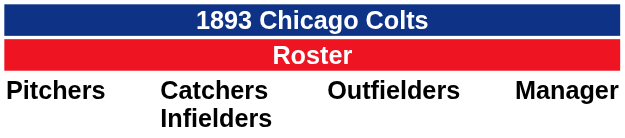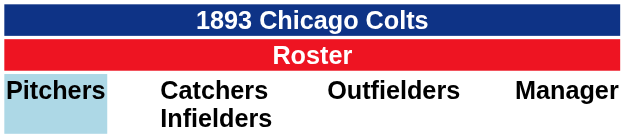 <table class="toccolours" style="font-size: 95%;">
 <tr>
 <th colspan="10" style="background-color: #0e3386; color: white; text-align: center;">1893 Chicago Colts</th>
 </tr>
 <tr>
 <td colspan="10" style="background-color: #EE1422; color: white; text-align: center;"><strong>Roster</strong></td>
 </tr>
 <tr>
-<td valign="top"><strong>Pitchers</strong><br>             </td>
+<td valign="top" style="background: lightblue;"><strong>Pitchers</strong><br>             </td>
 <td width="25px"></td>
 <td valign="top"><strong>Catchers</strong><br>  <strong>Infielders</strong>         </td>
 <td width="25px"></td>
 <td valign="top"><strong>Outfielders</strong><br>     </td>
 <td width="25px"></td>
 <td valign="top"><strong>Manager</strong><br></td>
 </tr>
 <tr>
 </tr>
 </table>
